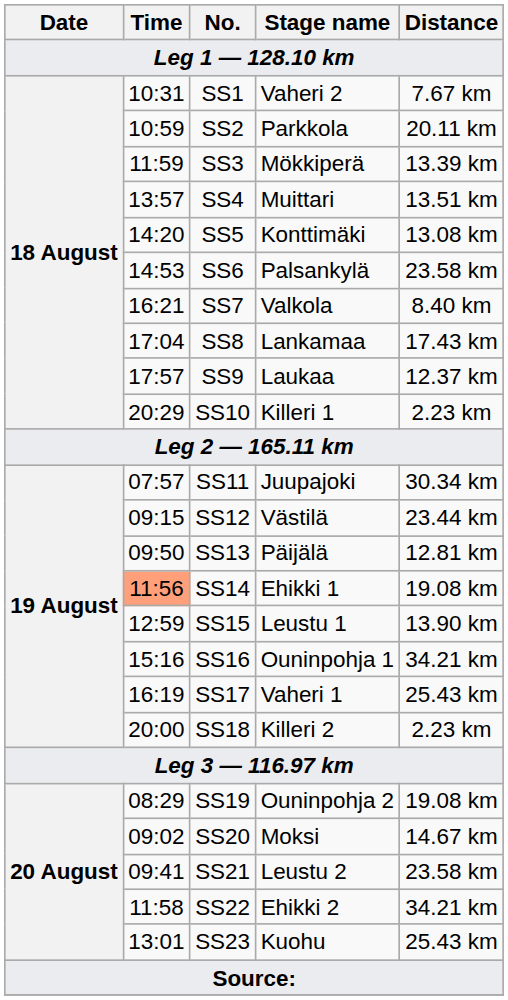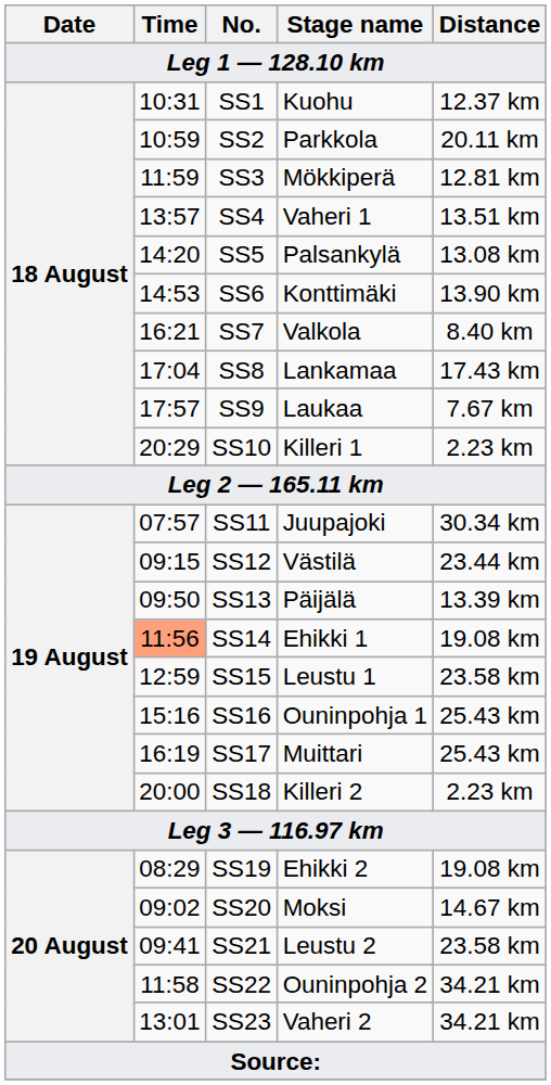 <table class="wikitable" style="font-size: 85%;">
 <tr>
 <th>Date</th>
 <th>Time</th>
 <th>No.</th>
 <th>Stage name</th>
 <th>Distance</th>
 </tr>
 <tr>
 <td style="background-color:#EAECF0; text-align:center" colspan="5"><strong><em>Leg 1 — 128.10 km</em></strong></td>
 </tr>
 <tr>
 <th rowspan="10">18 August</th>
 <td align="center">10:31</td>
 <td align="center">SS1</td>
-<td>Vaheri 2</td>
-<td align="center">7.67 km</td>
+<td>Kuohu</td>
+<td align="center">12.37 km</td>
 </tr>
 <tr>
 <td align="center">10:59</td>
 <td align="center">SS2</td>
 <td>Parkkola</td>
 <td align="center">20.11 km</td>
 </tr>
 <tr>
 <td align="center">11:59</td>
 <td align="center">SS3</td>
 <td>Mökkiperä</td>
-<td align="center">13.39 km</td>
+<td align="center">12.81 km</td>
 </tr>
 <tr>
 <td align="center">13:57</td>
 <td align="center">SS4</td>
-<td>Muittari</td>
+<td>Vaheri 1</td>
 <td align="center">13.51 km</td>
 </tr>
 <tr>
 <td align="center">14:20</td>
 <td align="center">SS5</td>
-<td>Konttimäki</td>
+<td>Palsankylä</td>
 <td align="center">13.08 km</td>
 </tr>
 <tr>
 <td align="center">14:53</td>
 <td align="center">SS6</td>
-<td>Palsankylä</td>
-<td align="center">23.58 km</td>
+<td>Konttimäki</td>
+<td align="center">13.90 km</td>
 </tr>
 <tr>
 <td align="center">16:21</td>
 <td align="center">SS7</td>
 <td>Valkola</td>
 <td align="center">8.40 km</td>
 </tr>
 <tr>
 <td align="center">17:04</td>
 <td align="center">SS8</td>
 <td>Lankamaa</td>
 <td align="center">17.43 km</td>
 </tr>
 <tr>
 <td align="center">17:57</td>
 <td align="center">SS9</td>
 <td>Laukaa</td>
-<td align="center">12.37 km</td>
+<td align="center">7.67 km</td>
 </tr>
 <tr>
 <td align="center">20:29</td>
 <td align="center">SS10</td>
 <td>Killeri 1</td>
 <td align="center">2.23 km</td>
 </tr>
 <tr>
 <td style="background-color:#EAECF0; text-align:center" colspan="5"><strong><em>Leg 2 — 165.11 km</em></strong></td>
 </tr>
 <tr>
 <th rowspan="8">19 August</th>
 <td align="center">07:57</td>
 <td align="center">SS11</td>
 <td>Juupajoki</td>
 <td align="center">30.34 km</td>
 </tr>
 <tr>
 <td align="center">09:15</td>
 <td align="center">SS12</td>
 <td>Västilä</td>
 <td align="center">23.44 km</td>
 </tr>
 <tr>
 <td align="center">09:50</td>
 <td align="center">SS13</td>
 <td>Päijälä</td>
-<td align="center">12.81 km</td>
+<td align="center">13.39 km</td>
 </tr>
 <tr>
 <td align="center" style="background: lightsalmon;">11:56</td>
 <td align="center">SS14</td>
 <td>Ehikki 1</td>
 <td align="center">19.08 km</td>
 </tr>
 <tr>
 <td align="center">12:59</td>
 <td align="center">SS15</td>
 <td>Leustu 1</td>
-<td align="center">13.90 km</td>
+<td align="center">23.58 km</td>
 </tr>
 <tr>
 <td align="center">15:16</td>
 <td align="center">SS16</td>
 <td>Ouninpohja 1</td>
-<td align="center">34.21 km</td>
+<td align="center">25.43 km</td>
 </tr>
 <tr>
 <td align="center">16:19</td>
 <td align="center">SS17</td>
-<td>Vaheri 1</td>
+<td>Muittari</td>
 <td align="center">25.43 km</td>
 </tr>
 <tr>
 <td align="center">20:00</td>
 <td align="center">SS18</td>
 <td>Killeri 2</td>
 <td align="center">2.23 km</td>
 </tr>
 <tr>
 <td style="background-color:#EAECF0; text-align:center" colspan="5"><strong><em>Leg 3 — 116.97 km</em></strong></td>
 </tr>
 <tr>
 <th rowspan="5">20 August</th>
 <td align="center">08:29</td>
 <td align="center">SS19</td>
-<td>Ouninpohja 2</td>
+<td>Ehikki 2</td>
 <td align="center">19.08 km</td>
 </tr>
 <tr>
 <td align="center">09:02</td>
 <td align="center">SS20</td>
 <td>Moksi</td>
 <td align="center">14.67 km</td>
 </tr>
 <tr>
 <td align="center">09:41</td>
 <td align="center">SS21</td>
 <td>Leustu 2</td>
 <td align="center">23.58 km</td>
 </tr>
 <tr>
 <td align="center">11:58</td>
 <td align="center">SS22</td>
-<td>Ehikki 2</td>
+<td>Ouninpohja 2</td>
 <td align="center">34.21 km</td>
 </tr>
 <tr>
 <td align="center">13:01</td>
 <td align="center">SS23</td>
-<td>Kuohu</td>
-<td align="center">25.43 km</td>
+<td>Vaheri 2</td>
+<td align="center">34.21 km</td>
 </tr>
 <tr>
 <td style="background-color:#EAECF0; text-align:center" colspan="5"><strong>Source:</strong></td>
 </tr>
 <tr>
 </tr>
 </table>
